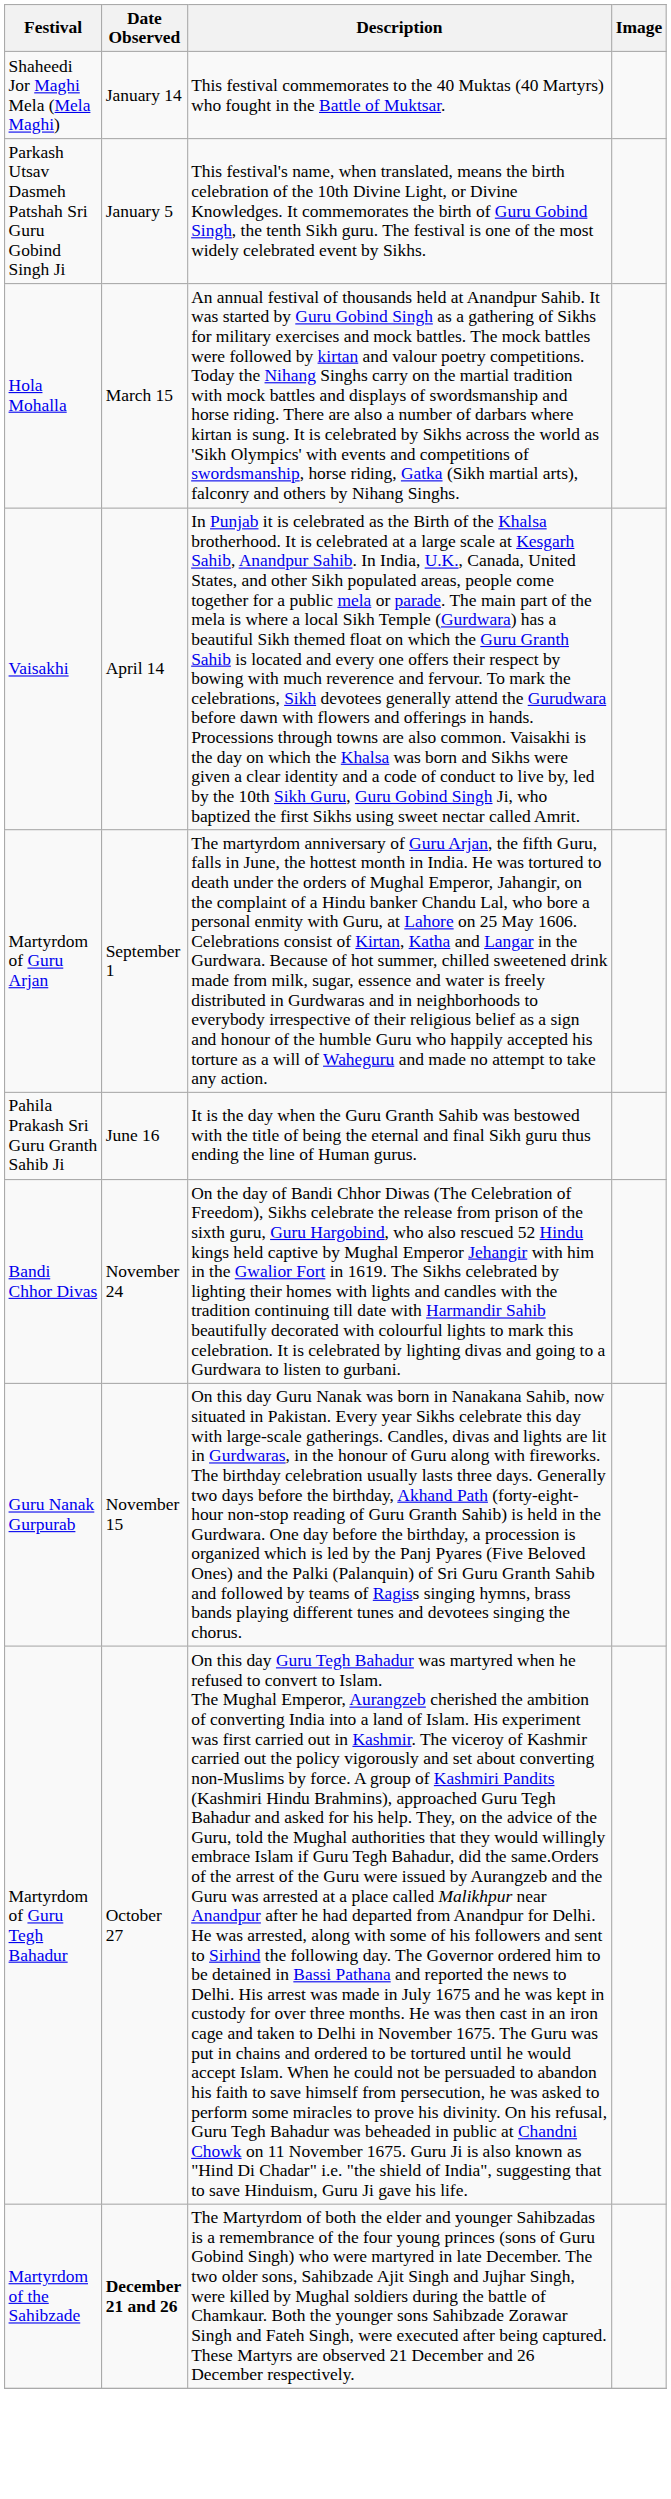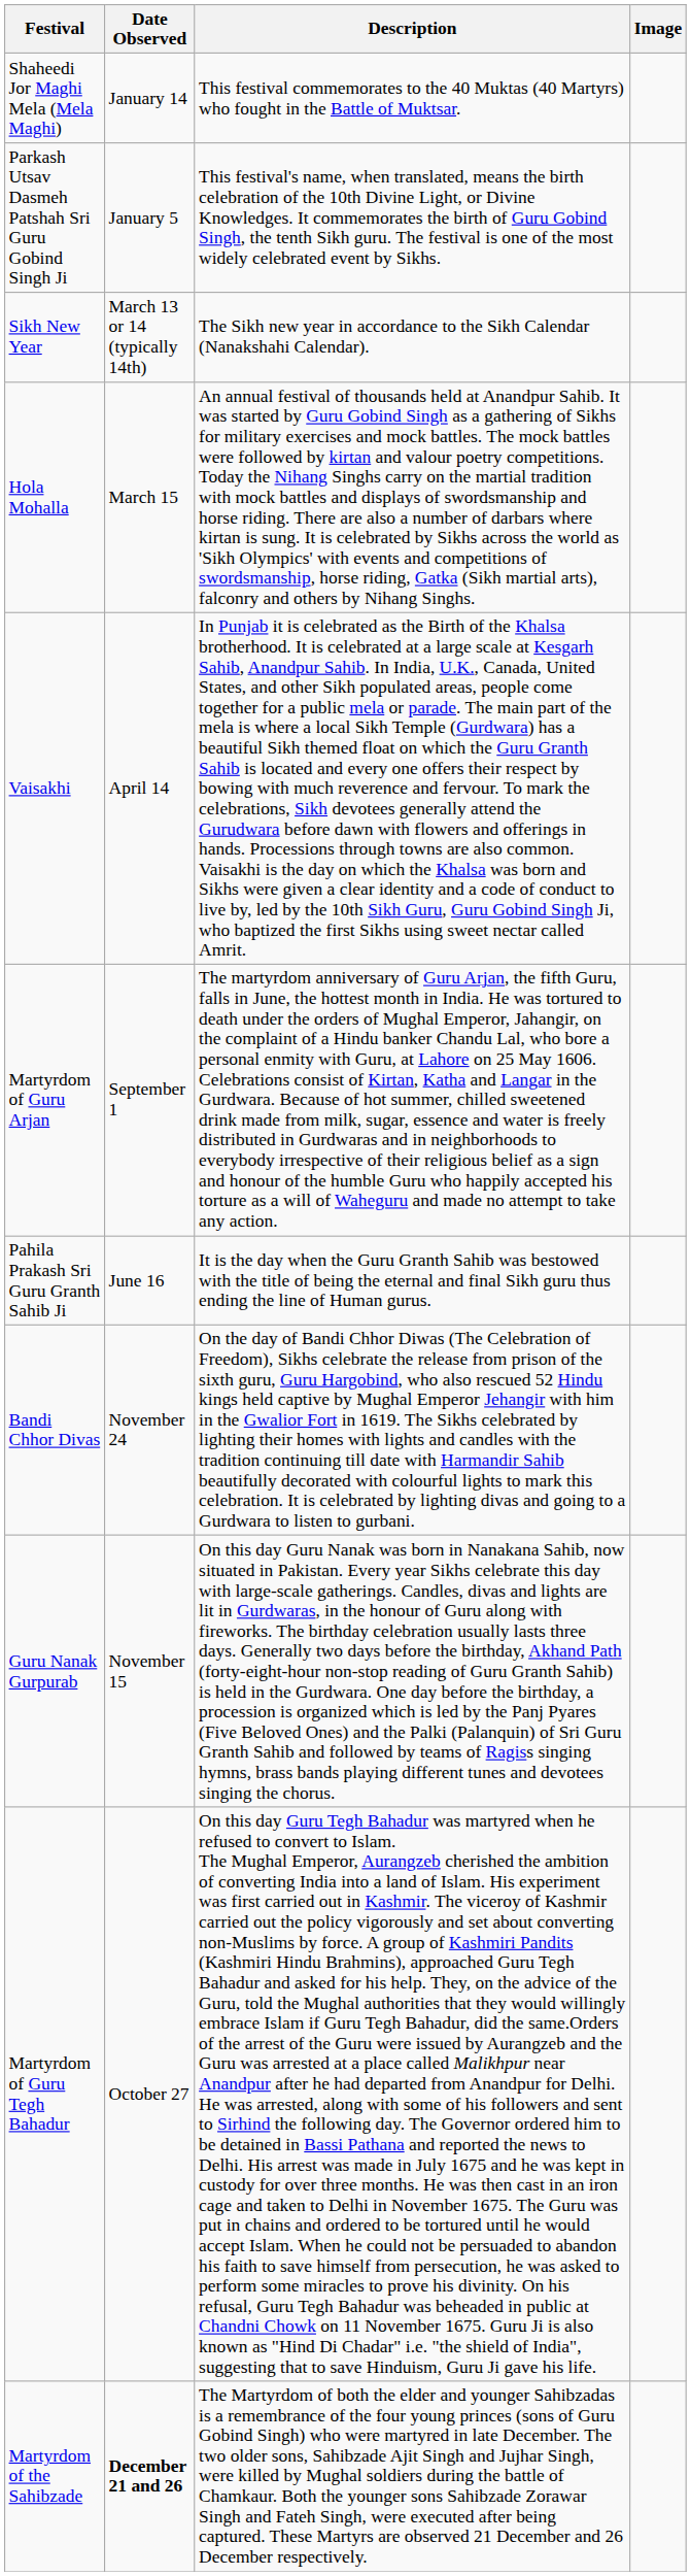 <table class="wikitable sortable plainlinks">
 <tr>
 <th>Festival</th>
 <th>Date Observed</th>
 <th>Description</th>
 <th>Image</th>
 </tr>
 <tr ->
 <td>Shaheedi Jor <a href='#'>Maghi</a> Mela (<a href='#'>Mela Maghi</a>)</td>
 <td>January 14</td>
 <td>This festival commemorates to the 40 Muktas (40 Martyrs) who fought in the <a href='#'>Battle of Muktsar</a>.</td>
 <td></td>
 </tr>
 <tr - A girder>
 <td>Parkash Utsav Dasmeh Patshah Sri Guru Gobind Singh Ji</td>
 <td>January 5</td>
 <td>This festival's name, when translated, means the birth celebration of the 10th Divine Light, or Divine Knowledges. It commemorates the birth of <a href='#'>Guru Gobind Singh</a>, the tenth Sikh guru. The festival is one of the most widely celebrated event by Sikhs.</td>
+<td></td>
+</tr>
+<tr>
+<td><a href='#'>Sikh New Year</a></td>
+<td>March 13 or 14 (typically 14th)</td>
+<td>The Sikh new year in accordance to the Sikh Calendar (Nanakshahi Calendar).</td>
 <td></td>
 </tr>
 <tr - A gurdwara is the Sikh holy place.>
 <td><a href='#'>Hola Mohalla</a></td>
 <td>March 15</td>
 <td>An annual festival of thousands held at Anandpur Sahib. It was started by <a href='#'>Guru Gobind Singh</a> as a gathering of Sikhs for military exercises and mock battles. The mock battles were followed by <a href='#'>kirtan</a> and valour poetry competitions. Today the <a href='#'>Nihang</a> Singhs carry on the martial tradition with mock battles and displays of swordsmanship and horse riding. There are also a number of darbars where kirtan is sung. It is celebrated by Sikhs across the world as 'Sikh Olympics' with events and competitions of <a href='#'>swordsmanship</a>, horse riding, <a href='#'>Gatka</a> (Sikh martial arts), falconry and others by Nihang Singhs.</td>
 <td></td>
 </tr>
 <tr - simran>
 <td><a href='#'>Vaisakhi</a></td>
 <td>April 14</td>
 <td>In <a href='#'>Punjab</a> it is celebrated as the Birth of the <a href='#'>Khalsa</a> brotherhood. It is celebrated at a large scale at <a href='#'>Kesgarh Sahib</a>, <a href='#'>Anandpur Sahib</a>. In India, <a href='#'>U.K.</a>, Canada, United States, and other Sikh populated areas, people come together for a public <a href='#'>mela</a> or <a href='#'>parade</a>. The main part of the mela is where a local Sikh Temple (<a href='#'>Gurdwara</a>) has a beautiful Sikh themed float on which the <a href='#'>Guru Granth Sahib</a> is located and every one offers their respect by bowing with much reverence and fervour. To mark the celebrations, <a href='#'>Sikh</a> devotees generally attend the <a href='#'>Gurudwara</a> before dawn with flowers and offerings in hands. Processions through towns are also common. Vaisakhi is the day on which the <a href='#'>Khalsa</a> was born and Sikhs were given a clear identity and a code of conduct to live by, led by the 10th <a href='#'>Sikh Guru</a>, <a href='#'>Guru Gobind Singh</a> Ji, who baptized the first Sikhs using sweet nectar called Amrit.</td>
 <td></td>
 </tr>
 <tr ->
 <td>Martyrdom of <a href='#'>Guru Arjan</a></td>
 <td>September 1</td>
 <td>The martyrdom anniversary of <a href='#'>Guru Arjan</a>, the fifth Guru, falls in June, the hottest month in India. He was tortured to death under the orders of Mughal Emperor, Jahangir, on the complaint of a Hindu banker Chandu Lal, who bore a personal enmity with Guru, at <a href='#'>Lahore</a> on 25 May 1606. Celebrations consist of <a href='#'>Kirtan</a>, <a href='#'>Katha</a> and <a href='#'>Langar</a> in the Gurdwara. Because of hot summer, chilled sweetened drink made from milk, sugar, essence and water is freely distributed in Gurdwaras and in neighborhoods to everybody irrespective of their religious belief as a sign and honour of the humble Guru who happily accepted his torture as a will of <a href='#'>Waheguru</a> and made no attempt to take any action.</td>
 <td></td>
 </tr>
 <tr ->
 <td>Pahila Prakash Sri Guru Granth Sahib Ji</td>
 <td>June 16</td>
 <td>It is the day when the Guru Granth Sahib was bestowed with the title of being the eternal and final Sikh guru thus ending the line of Human gurus.</td>
 <td></td>
 </tr>
 <tr ->
 <td><a href='#'>Bandi Chhor Divas</a></td>
 <td>November 24</td>
 <td>On the day of Bandi Chhor Diwas (The Celebration of Freedom), Sikhs celebrate the release from prison of the sixth guru, <a href='#'>Guru Hargobind</a>, who also rescued 52 <a href='#'>Hindu</a> kings held captive by Mughal Emperor <a href='#'>Jehangir</a> with him in the <a href='#'>Gwalior Fort</a> in 1619. The Sikhs celebrated by lighting their homes with lights and candles with the tradition continuing till date with <a href='#'>Harmandir Sahib</a> beautifully decorated with colourful lights to mark this celebration. It is celebrated by lighting divas and going to a Gurdwara to listen to gurbani.</td>
 <td></td>
 </tr>
 <tr ->
 <td><a href='#'>Guru Nanak Gurpurab</a></td>
 <td>November 15</td>
 <td>On this day Guru Nanak was born in Nanakana Sahib, now situated in Pakistan. Every year Sikhs celebrate this day with large-scale gatherings. Candles, divas and lights are lit in <a href='#'>Gurdwaras</a>, in the honour of Guru along with fireworks. The birthday celebration usually lasts three days. Generally two days before the birthday, <a href='#'>Akhand Path</a> (forty-eight-hour non-stop reading of Guru Granth Sahib) is held in the Gurdwara. One day before the birthday, a procession is organized which is led by the Panj Pyares (Five Beloved Ones) and the Palki (Palanquin) of Sri Guru Granth Sahib and followed by teams of <a href='#'>Ragis</a>s singing hymns, brass bands playing different tunes and devotees singing the chorus.</td>
 <td></td>
 </tr>
 <tr ->
 <td>Martyrdom of <a href='#'>Guru Tegh Bahadur</a></td>
 <td>October 27</td>
 <td>On this day <a href='#'>Guru Tegh Bahadur</a> was martyred when he refused to convert to Islam.<br>The Mughal Emperor, <a href='#'>Aurangzeb</a> cherished the ambition of converting India into a land of Islam. His experiment was first carried out in <a href='#'>Kashmir</a>. The viceroy of Kashmir carried out the policy vigorously and set about converting non-Muslims by force. A group of <a href='#'>Kashmiri Pandits</a> (Kashmiri Hindu Brahmins), approached Guru Tegh Bahadur and asked for his help. They, on the advice of the Guru, told the Mughal authorities that they would willingly embrace Islam if Guru Tegh Bahadur, did the same.Orders of the arrest of the Guru were issued by Aurangzeb and the Guru was arrested at a place called <em>Malikhpur</em> near <a href='#'>Anandpur</a> after he had departed from Anandpur for Delhi. He was arrested, along with some of his followers and sent to <a href='#'>Sirhind</a> the following day. The Governor ordered him to be detained in <a href='#'>Bassi Pathana</a> and reported the news to Delhi. His arrest was made in July 1675 and he was kept in custody for over three months. He was then cast in an iron cage and taken to Delhi in November 1675. The Guru was put in chains and ordered to be tortured until he would accept Islam. When he could not be persuaded to abandon his faith to save himself from persecution, he was asked to perform some miracles to prove his divinity. On his refusal, Guru Tegh Bahadur was beheaded in public at <a href='#'>Chandni Chowk</a> on 11 November 1675. Guru Ji is also known as "Hind Di Chadar" i.e. "the shield of India", suggesting that to save Hinduism, Guru Ji gave his life.</td>
 <td></td>
 </tr>
 <tr ->
 <td><a href='#'>Martyrdom of the Sahibzade</a></td>
 <td><strong>December 21 and 26</strong></td>
 <td>The Martyrdom of both the elder and younger Sahibzadas is a remembrance of the four young princes (sons of Guru Gobind Singh) who were martyred in late December. The two older sons, Sahibzade Ajit Singh and Jujhar Singh, were killed by Mughal soldiers during the battle of Chamkaur. Both the younger sons Sahibzade Zorawar Singh and Fateh Singh, were executed after being captured. These Martyrs are observed 21 December and 26 December respectively.</td>
 <td></td>
 </tr>
 <tr ->
 </tr>
 </table>
